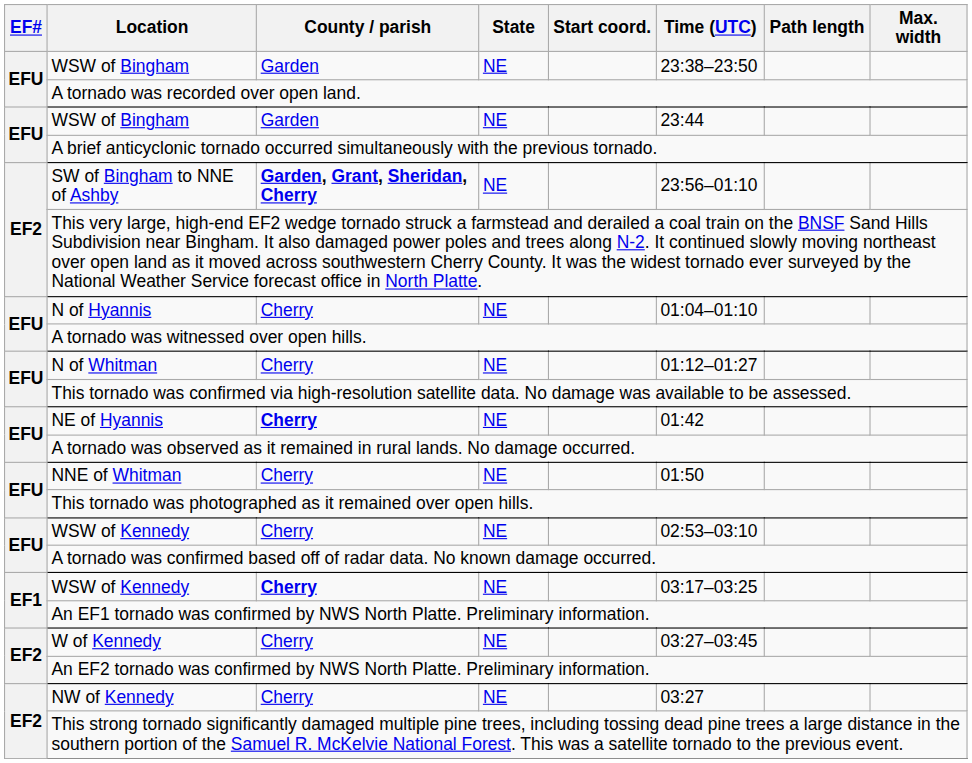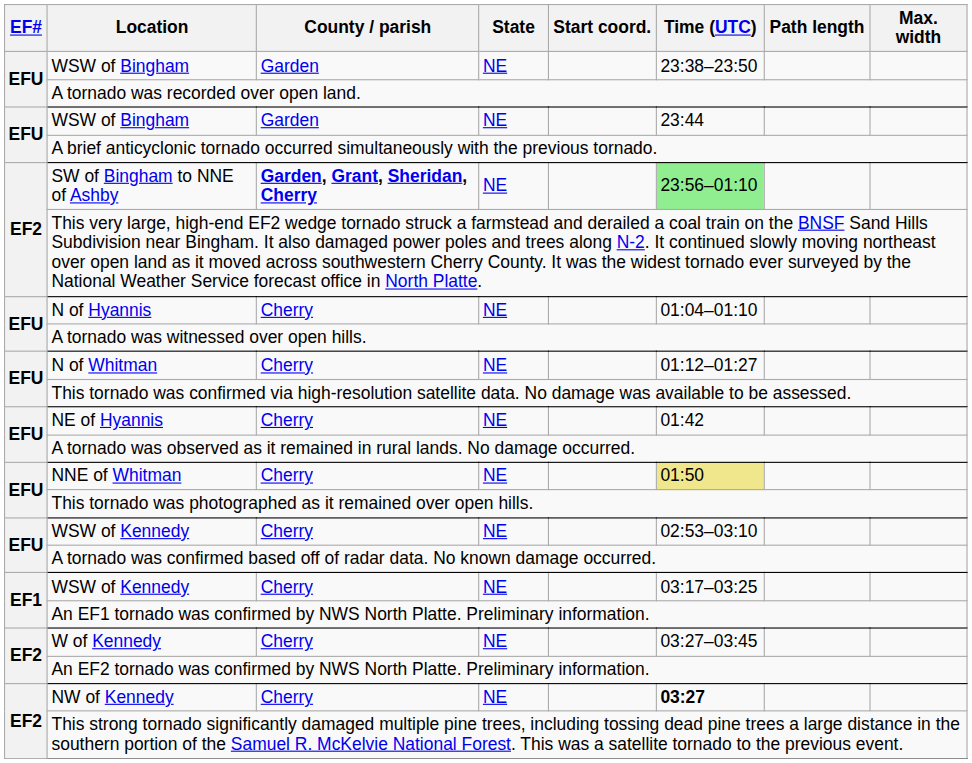 <table class="wikitable sortable" style="width:100%;">
 <tr>
 <th scope="col" width="2%" align="center"><a href='#'>EF#</a></th>
 <th scope="col" align="center" class="unsortable">Location</th>
 <th scope="col" align="center" class="unsortable">County / parish</th>
 <th scope="col" align="center">State</th>
 <th scope="col" align="center">Start coord.</th>
 <th scope="col" align="center">Time (<a href='#'>UTC</a>)</th>
 <th scope="col" align="center">Path length</th>
 <th scope="col" align="center">Max. width</th>
 </tr>
 <tr>
 <th scope="row" rowspan="2" style="background-color:#">EFU</th>
 <td>WSW of <a href='#'>Bingham</a></td>
 <td><a href='#'>Garden</a></td>
 <td><a href='#'>NE</a></td>
 <td></td>
 <td>23:38–23:50</td>
 <td></td>
 <td></td>
 </tr>
 <tr class="expand-child">
 <td colspan="8" style=" border-bottom: 1px solid black;">A tornado was recorded over open land.</td>
 </tr>
 <tr>
 <th scope="row" rowspan="2" style="background-color:#">EFU</th>
 <td>WSW of <a href='#'>Bingham</a></td>
 <td><a href='#'>Garden</a></td>
 <td><a href='#'>NE</a></td>
 <td></td>
 <td>23:44</td>
 <td></td>
 <td></td>
 </tr>
 <tr class="expand-child">
 <td colspan="8" style=" border-bottom: 1px solid black;">A brief anticyclonic tornado occurred simultaneously with the previous tornado.</td>
 </tr>
 <tr>
 <th scope="row" rowspan="2" style="background-color:#">EF2</th>
 <td>SW of <a href='#'>Bingham</a> to NNE of <a href='#'>Ashby</a></td>
 <td><strong><a href='#'>Garden</a>, <a href='#'>Grant</a>, <a href='#'>Sheridan</a>, <a href='#'>Cherry</a></strong></td>
 <td><a href='#'>NE</a></td>
 <td></td>
-<td>23:56–01:10</td>
+<td style="background: lightgreen;">23:56–01:10</td>
 <td></td>
 <td></td>
 </tr>
 <tr class="expand-child">
 <td colspan="8" style=" border-bottom: 1px solid black;">This very large, high-end EF2 wedge tornado struck a farmstead and derailed a coal train on the <a href='#'>BNSF</a> Sand Hills Subdivision near Bingham. It also damaged power poles and trees along <a href='#'>N-2</a>. It continued slowly moving northeast over open land as it moved across southwestern Cherry County. It was the widest tornado ever surveyed by the National Weather Service forecast office in <a href='#'>North Platte</a>.</td>
 </tr>
 <tr>
 <th scope="row" rowspan="2" style="background-color:#">EFU</th>
 <td>N of <a href='#'>Hyannis</a></td>
 <td><a href='#'>Cherry</a></td>
 <td><a href='#'>NE</a></td>
 <td></td>
 <td>01:04–01:10</td>
 <td></td>
 <td></td>
 </tr>
 <tr class="expand-child">
 <td colspan="8" style=" border-bottom: 1px solid black;">A tornado was witnessed over open hills.</td>
 </tr>
 <tr>
 <th scope="row" rowspan="2" style="background-color:#">EFU</th>
 <td>N of <a href='#'>Whitman</a></td>
 <td><a href='#'>Cherry</a></td>
 <td><a href='#'>NE</a></td>
 <td></td>
 <td>01:12–01:27</td>
 <td></td>
 <td></td>
 </tr>
 <tr class="expand-child">
 <td colspan="8" style=" border-bottom: 1px solid black;">This tornado was confirmed via high-resolution satellite data. No damage was available to be assessed.</td>
 </tr>
 <tr>
 <th scope="row" rowspan="2" style="background-color:#">EFU</th>
 <td>NE of <a href='#'>Hyannis</a></td>
-<td><strong><a href='#'>Cherry</a></strong></td>
+<td><a href='#'>Cherry</a></td>
 <td><a href='#'>NE</a></td>
 <td></td>
 <td>01:42</td>
 <td></td>
 <td></td>
 </tr>
 <tr class="expand-child">
 <td colspan="8" style=" border-bottom: 1px solid black;">A tornado was observed as it remained in rural lands. No damage occurred.</td>
 </tr>
 <tr>
 <th scope="row" rowspan="2" style="background-color:#">EFU</th>
 <td>NNE of <a href='#'>Whitman</a></td>
 <td><a href='#'>Cherry</a></td>
 <td><a href='#'>NE</a></td>
 <td></td>
-<td>01:50</td>
+<td style="background: khaki;">01:50</td>
 <td></td>
 <td></td>
 </tr>
 <tr class="expand-child">
 <td colspan="8" style=" border-bottom: 1px solid black;">This tornado was photographed as it remained over open hills.</td>
 </tr>
 <tr>
 <th scope="row" rowspan="2" style="background-color:#">EFU</th>
 <td>WSW of <a href='#'>Kennedy</a></td>
 <td><a href='#'>Cherry</a></td>
 <td><a href='#'>NE</a></td>
 <td></td>
 <td>02:53–03:10</td>
 <td></td>
 <td></td>
 </tr>
 <tr class="expand-child">
 <td colspan="8" style=" border-bottom: 1px solid black;">A tornado was confirmed based off of radar data. No known damage occurred.</td>
 </tr>
 <tr>
 <th scope="row" rowspan="2" style="background-color:#">EF1</th>
 <td>WSW of <a href='#'>Kennedy</a></td>
-<td><strong><a href='#'>Cherry</a></strong></td>
+<td><a href='#'>Cherry</a></td>
 <td><a href='#'>NE</a></td>
 <td></td>
 <td>03:17–03:25</td>
 <td></td>
 <td></td>
 </tr>
 <tr class="expand-child">
 <td colspan="8" style=" border-bottom: 1px solid black;">An EF1 tornado was confirmed by NWS North Platte. Preliminary information.</td>
 </tr>
 <tr>
 <th scope="row" rowspan="2" style="background-color:#">EF2</th>
 <td>W of <a href='#'>Kennedy</a></td>
 <td><a href='#'>Cherry</a></td>
 <td><a href='#'>NE</a></td>
 <td></td>
 <td>03:27–03:45</td>
 <td></td>
 <td></td>
 </tr>
 <tr class="expand-child">
 <td colspan="8" style=" border-bottom: 1px solid black;">An EF2 tornado was confirmed by NWS North Platte. Preliminary information.</td>
 </tr>
 <tr>
 <th scope="row" rowspan="2" style="background-color:#">EF2</th>
 <td>NW of <a href='#'>Kennedy</a></td>
 <td><a href='#'>Cherry</a></td>
 <td><a href='#'>NE</a></td>
 <td></td>
-<td>03:27</td>
+<td><strong>03:27</strong></td>
 <td></td>
 <td></td>
 </tr>
 <tr class="expand-child">
 <td colspan="8" style=" border-bottom: 1px solid black;">This strong tornado significantly damaged multiple pine trees, including tossing dead pine trees a large distance in the southern portion of the <a href='#'>Samuel R. McKelvie National Forest</a>. This was a satellite tornado to the previous event.</td>
 </tr>
 <tr>
 </tr>
 </table>
